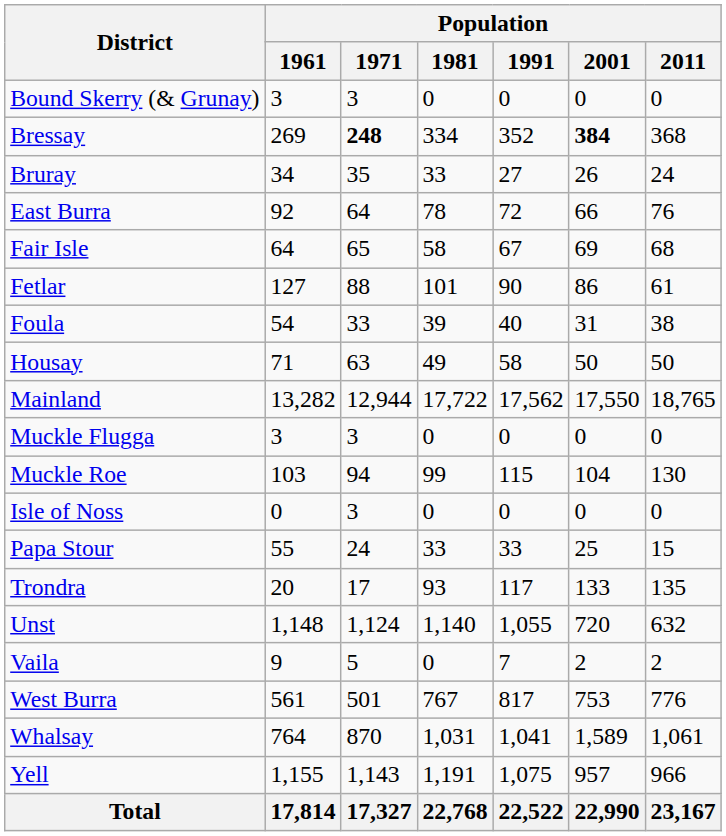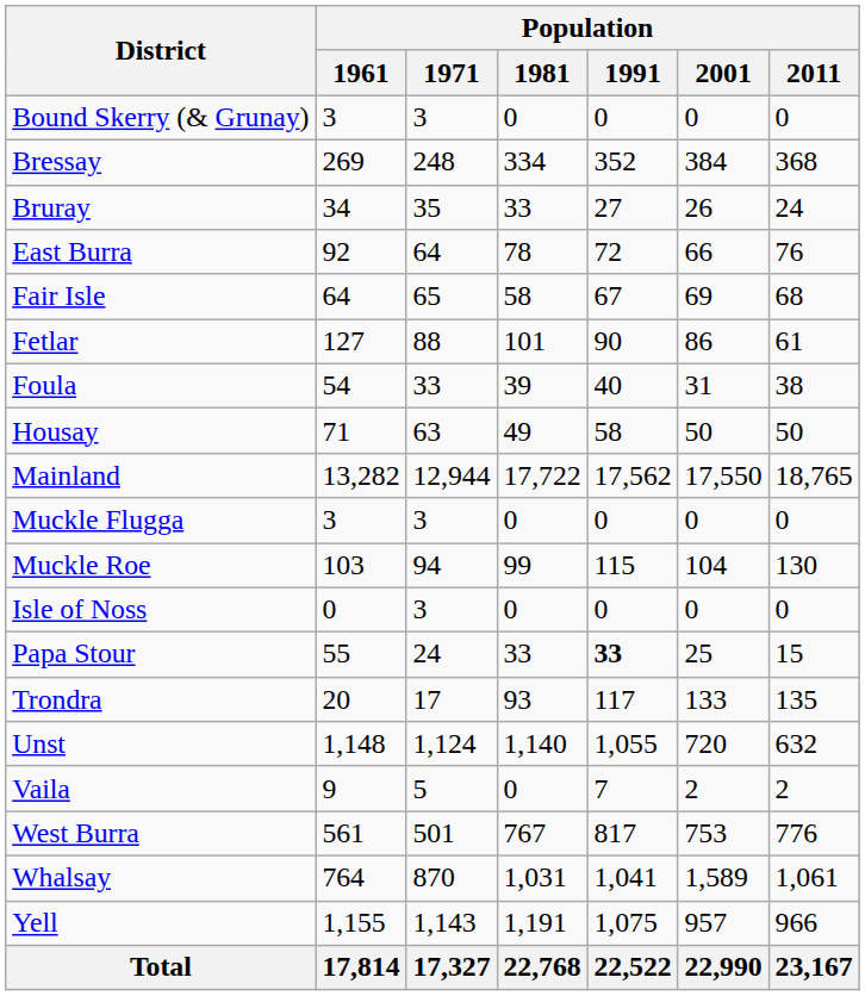 <table class="sortable wikitable">
 <tr>
 <th rowspan="2">District</th>
 <th colspan="6">Population</th>
 </tr>
 <tr>
 <th>1961</th>
 <th>1971</th>
 <th>1981</th>
 <th>1991</th>
 <th>2001</th>
 <th>2011</th>
 </tr>
 <tr>
 <td><a href='#'>Bound Skerry</a> (& <a href='#'>Grunay</a>)</td>
 <td>3</td>
 <td>3</td>
 <td>0</td>
 <td>0</td>
 <td>0</td>
 <td>0</td>
 </tr>
 <tr>
 <td><a href='#'>Bressay</a></td>
 <td>269</td>
-<td><strong>248</strong></td>
+<td>248</td>
 <td>334</td>
 <td>352</td>
-<td><strong>384</strong></td>
+<td>384</td>
 <td>368</td>
 </tr>
 <tr>
 <td><a href='#'>Bruray</a></td>
 <td>34</td>
 <td>35</td>
 <td>33</td>
 <td>27</td>
 <td>26</td>
 <td>24</td>
 </tr>
 <tr>
 <td><a href='#'>East Burra</a></td>
 <td>92</td>
 <td>64</td>
 <td>78</td>
 <td>72</td>
 <td>66</td>
 <td>76</td>
 </tr>
 <tr>
 <td><a href='#'>Fair Isle</a></td>
 <td>64</td>
 <td>65</td>
 <td>58</td>
 <td>67</td>
 <td>69</td>
 <td>68</td>
 </tr>
 <tr>
 <td><a href='#'>Fetlar</a></td>
 <td>127</td>
 <td>88</td>
 <td>101</td>
 <td>90</td>
 <td>86</td>
 <td>61</td>
 </tr>
 <tr>
 <td><a href='#'>Foula</a></td>
 <td>54</td>
 <td>33</td>
 <td>39</td>
 <td>40</td>
 <td>31</td>
 <td>38</td>
 </tr>
 <tr>
 <td><a href='#'>Housay</a></td>
 <td>71</td>
 <td>63</td>
 <td>49</td>
 <td>58</td>
 <td>50</td>
 <td>50</td>
 </tr>
 <tr>
 <td><a href='#'>Mainland</a></td>
 <td>13,282</td>
 <td>12,944</td>
 <td>17,722</td>
 <td>17,562</td>
 <td>17,550</td>
 <td>18,765</td>
 </tr>
 <tr>
 <td><a href='#'>Muckle Flugga</a></td>
 <td>3</td>
 <td>3</td>
 <td>0</td>
 <td>0</td>
 <td>0</td>
 <td>0</td>
 </tr>
 <tr>
 <td><a href='#'>Muckle Roe</a></td>
 <td>103</td>
 <td>94</td>
 <td>99</td>
 <td>115</td>
 <td>104</td>
 <td>130</td>
 </tr>
 <tr>
 <td><a href='#'>Isle of Noss</a></td>
 <td>0</td>
 <td>3</td>
 <td>0</td>
 <td>0</td>
 <td>0</td>
 <td>0</td>
 </tr>
 <tr>
 <td><a href='#'>Papa Stour</a></td>
 <td>55</td>
 <td>24</td>
 <td>33</td>
-<td>33</td>
+<td><strong>33</strong></td>
 <td>25</td>
 <td>15</td>
 </tr>
 <tr>
 <td><a href='#'>Trondra</a></td>
 <td>20</td>
 <td>17</td>
 <td>93</td>
 <td>117</td>
 <td>133</td>
 <td>135</td>
 </tr>
 <tr>
 <td><a href='#'>Unst</a></td>
 <td>1,148</td>
 <td>1,124</td>
 <td>1,140</td>
 <td>1,055</td>
 <td>720</td>
 <td>632</td>
 </tr>
 <tr>
 <td><a href='#'>Vaila</a></td>
 <td>9</td>
 <td>5</td>
 <td>0</td>
 <td>7</td>
 <td>2</td>
 <td>2</td>
 </tr>
 <tr>
 <td><a href='#'>West Burra</a></td>
 <td>561</td>
 <td>501</td>
 <td>767</td>
 <td>817</td>
 <td>753</td>
 <td>776</td>
 </tr>
 <tr>
 <td><a href='#'>Whalsay</a></td>
 <td>764</td>
 <td>870</td>
 <td>1,031</td>
 <td>1,041</td>
 <td>1,589</td>
 <td>1,061</td>
 </tr>
 <tr>
 <td><a href='#'>Yell</a></td>
 <td>1,155</td>
 <td>1,143</td>
 <td>1,191</td>
 <td>1,075</td>
 <td>957</td>
 <td>966</td>
 </tr>
 <tr>
 <th>Total</th>
 <th>17,814</th>
 <th>17,327</th>
 <th>22,768</th>
 <th>22,522</th>
 <th>22,990</th>
 <th>23,167</th>
 </tr>
 </table>
